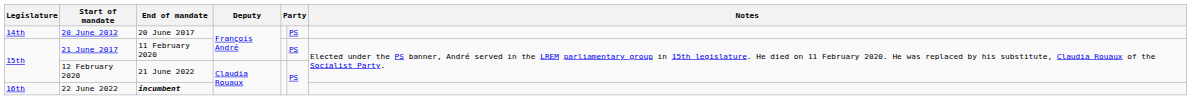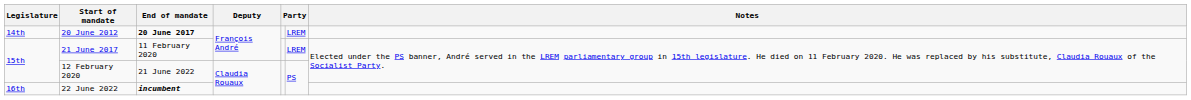 <table class="wikitable">
 <tr>
 <th>Legislature</th>
 <th>Start of mandate</th>
 <th>End of mandate</th>
 <th>Deputy</th>
 <th colspan="2">Party</th>
 <th>Notes</th>
 </tr>
 <tr>
 <td><a href='#'>14th</a></td>
 <td><a href='#'>20 June 2012</a></td>
-<td>20 June 2017</td>
+<td><strong>20 June 2017</strong></td>
 <td rowspan="2"><a href='#'>François André</a></td>
 <td style="color:inherit;background:"></td>
-<td><a href='#'>PS</a></td>
+<td><a href='#'>LREM</a></td>
 <td></td>
 </tr>
 <tr>
 <td rowspan="2"><a href='#'>15th</a></td>
 <td><a href='#'>21 June 2017</a></td>
 <td>11 February 2020</td>
 <td style="color:inherit;background:"></td>
-<td><a href='#'>PS</a></td>
+<td><a href='#'>LREM</a></td>
 <td rowspan="2">Elected under the <a href='#'>PS</a> banner, André served in the <a href='#'>LREM</a> <a href='#'>parliamentary group</a> in <a href='#'>15th legislature</a>. He died on 11 February 2020. He was replaced by his substitute, <a href='#'>Claudia Rouaux</a> of the <a href='#'>Socialist Party</a>.</td>
 </tr>
 <tr>
 <td>12 February 2020</td>
 <td>21 June 2022</td>
 <td rowspan="2"><a href='#'>Claudia Rouaux</a></td>
 <td rowspan="2" style="color:inherit;background:"></td>
 <td rowspan="2"><a href='#'>PS</a></td>
 </tr>
 <tr>
 <td><a href='#'>16th</a></td>
 <td>22 June 2022</td>
 <td><strong><em>incumbent</em></strong></td>
 <td></td>
 </tr>
 </table>
